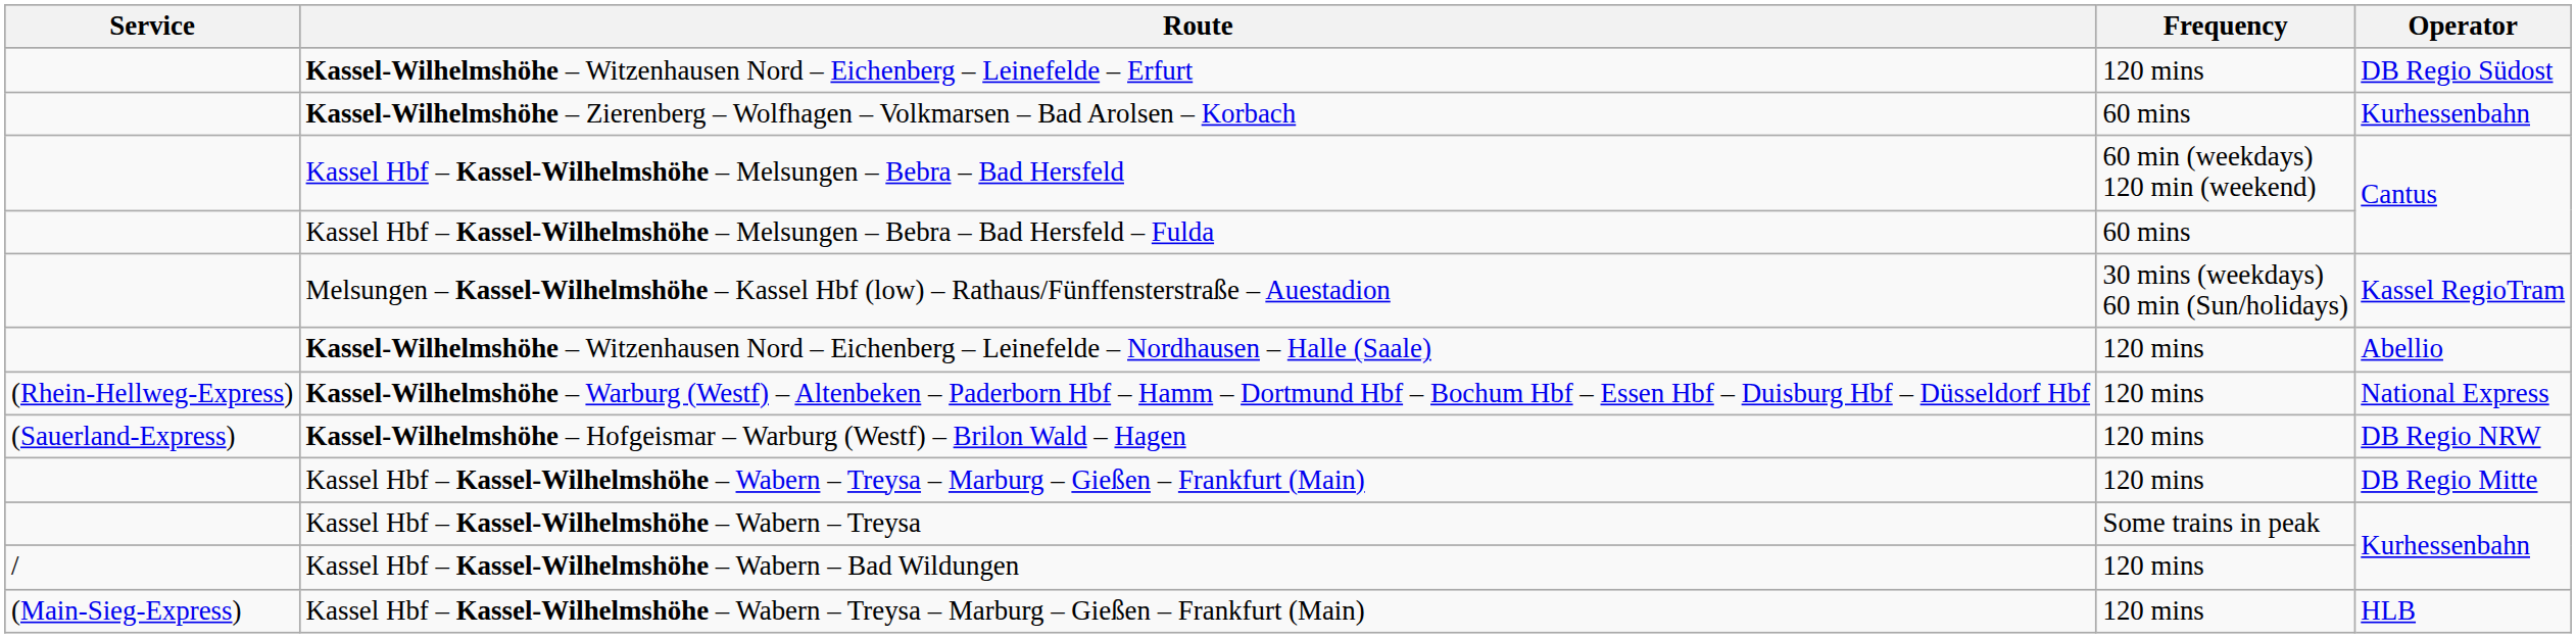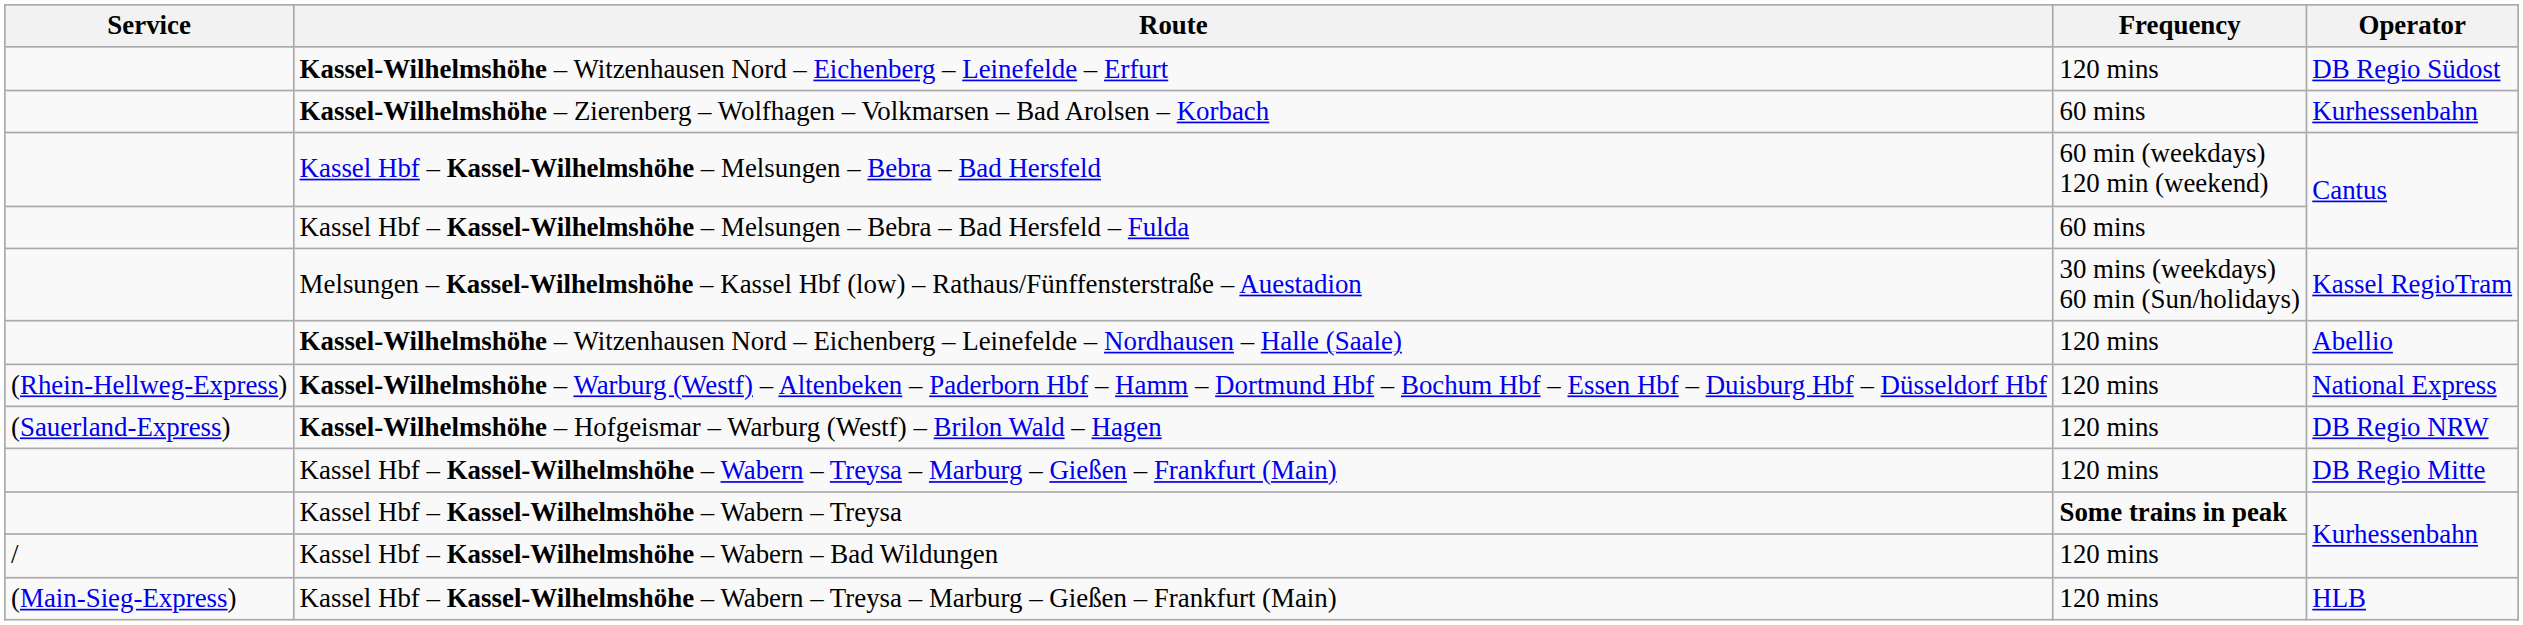 <table class="wikitable">
 <tr>
 <th>Service</th>
 <th>Route</th>
 <th>Frequency</th>
 <th>Operator</th>
 </tr>
 <tr>
 <td></td>
 <td><strong>Kassel-Wilhelmshöhe</strong> – Witzenhausen Nord – <a href='#'>Eichenberg</a> – <a href='#'>Leinefelde</a> – <a href='#'>Erfurt</a></td>
 <td>120 mins</td>
 <td><a href='#'>DB Regio Südost</a></td>
 </tr>
 <tr>
 <td></td>
 <td><strong>Kassel-Wilhelmshöhe</strong> – Zierenberg – Wolfhagen – Volkmarsen – Bad Arolsen – <a href='#'>Korbach</a></td>
 <td>60 mins</td>
 <td><a href='#'>Kurhessenbahn</a></td>
 </tr>
 <tr>
 <td></td>
 <td><a href='#'>Kassel Hbf</a> – <strong>Kassel-Wilhelmshöhe</strong> – Melsungen – <a href='#'>Bebra</a> – <a href='#'>Bad Hersfeld</a></td>
 <td>60 min (weekdays)<br> 120 min (weekend)</td>
 <td rowspan="2"><a href='#'>Cantus</a></td>
 </tr>
 <tr>
 <td></td>
 <td>Kassel Hbf – <strong>Kassel-Wilhelmshöhe</strong> – Melsungen – Bebra – Bad Hersfeld – <a href='#'>Fulda</a></td>
 <td>60 mins</td>
 </tr>
 <tr>
 <td></td>
 <td>Melsungen – <strong>Kassel-Wilhelmshöhe</strong> – Kassel Hbf (low) – Rathaus/Fünffensterstraße – <a href='#'>Auestadion</a></td>
 <td>30 mins (weekdays)<br>60 min (Sun/holidays)</td>
 <td><a href='#'>Kassel RegioTram</a></td>
 </tr>
 <tr>
 <td></td>
 <td><strong>Kassel-Wilhelmshöhe</strong> – Witzenhausen Nord – Eichenberg – Leinefelde – <a href='#'>Nordhausen</a> – <a href='#'>Halle (Saale)</a></td>
 <td>120 mins</td>
 <td><a href='#'>Abellio</a></td>
 </tr>
 <tr>
 <td> (<a href='#'>Rhein-Hellweg-Express</a>)</td>
 <td><strong>Kassel-Wilhelmshöhe</strong> – <a href='#'>Warburg (Westf)</a> – <a href='#'>Altenbeken</a> – <a href='#'>Paderborn Hbf</a> – <a href='#'>Hamm</a> – <a href='#'>Dortmund Hbf</a> – <a href='#'>Bochum Hbf</a> – <a href='#'>Essen Hbf</a> – <a href='#'>Duisburg Hbf</a> – <a href='#'>Düsseldorf Hbf</a></td>
 <td>120 mins</td>
 <td><a href='#'>National Express</a></td>
 </tr>
 <tr>
 <td> (<a href='#'>Sauerland-Express</a>)</td>
 <td><strong>Kassel-Wilhelmshöhe</strong> – Hofgeismar – Warburg (Westf) – <a href='#'>Brilon Wald</a> – <a href='#'>Hagen</a></td>
 <td>120 mins</td>
 <td><a href='#'>DB Regio NRW</a></td>
 </tr>
 <tr>
 <td></td>
 <td>Kassel Hbf – <strong>Kassel-Wilhelmshöhe</strong> – <a href='#'>Wabern</a> – <a href='#'>Treysa</a> – <a href='#'>Marburg</a> – <a href='#'>Gießen</a> – <a href='#'>Frankfurt (Main)</a></td>
 <td>120 mins</td>
 <td><a href='#'>DB Regio Mitte</a></td>
 </tr>
 <tr>
 <td></td>
 <td>Kassel Hbf – <strong>Kassel-Wilhelmshöhe</strong> – Wabern – Treysa</td>
-<td>Some trains in peak</td>
+<td><strong>Some trains in peak</strong></td>
 <td rowspan="2"><a href='#'>Kurhessenbahn</a></td>
 </tr>
 <tr>
 <td> / </td>
 <td>Kassel Hbf – <strong>Kassel-Wilhelmshöhe</strong> – Wabern – Bad Wildungen</td>
 <td>120 mins</td>
 </tr>
 <tr>
 <td> (<a href='#'>Main-Sieg-Express</a>)</td>
 <td>Kassel Hbf – <strong>Kassel-Wilhelmshöhe</strong> – Wabern – Treysa – Marburg – Gießen – Frankfurt (Main)</td>
 <td>120 mins</td>
 <td><a href='#'>HLB</a></td>
 </tr>
 </table>
